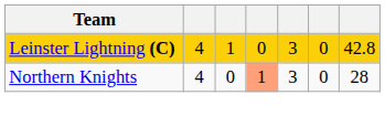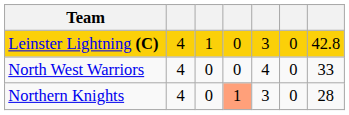 <table class="wikitable" style="text-align:center">
 <tr>
 <th style="width:150px;">Team</th>
 <th width="20"></th>
 <th width="20"></th>
 <th width="20"></th>
 <th width="20"></th>
 <th width="20"></th>
 <th width="20"></th>
 </tr>
 <tr style="background:#fbd009">
 <td style="text-align:left"><a href='#'>Leinster Lightning</a> <strong>(C)</strong></td>
 <td>4</td>
 <td>1</td>
 <td>0</td>
 <td>3</td>
 <td>0</td>
 <td>42.8</td>
 </tr>
 <tr>
+<td style="text-align:left"><a href='#'>North West Warriors</a></td>
+<td>4</td>
+<td>0</td>
+<td>0</td>
+<td>4</td>
+<td>0</td>
+<td>33</td>
+</tr>
+<tr>
 <td style="text-align:left"><a href='#'>Northern Knights</a></td>
 <td>4</td>
 <td>0</td>
 <td style="background: lightsalmon;">1</td>
 <td>3</td>
 <td>0</td>
 <td>28</td>
 </tr>
 </table>
